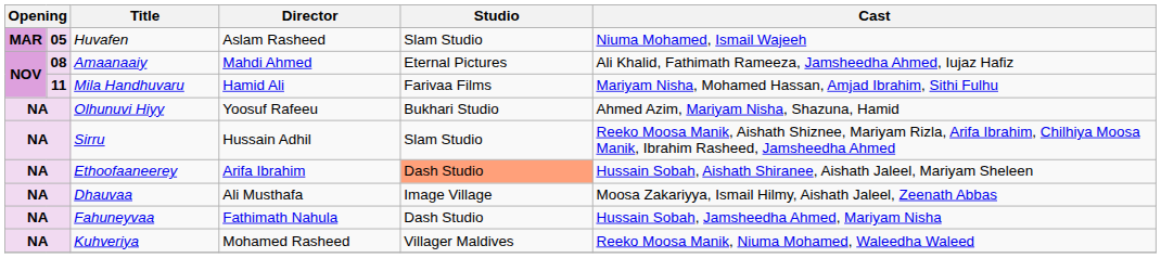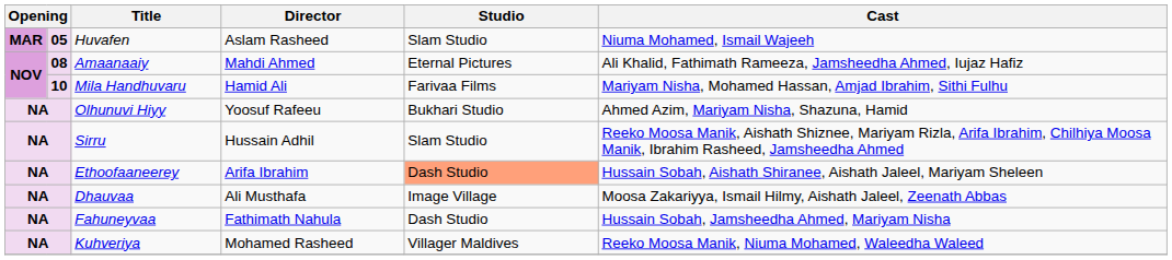 <table class="wikitable plainrowheaders" width="100%">
 <tr>
 <th scope="col" colspan="2" width=4%>Opening</th>
 <th scope="col" width=13%>Title</th>
 <th scope="col" width=16%>Director</th>
 <th scope="col" width=17%>Studio</th>
 <th scope="col" width=50%>Cast</th>
 </tr>
 <tr>
 <td style="text-align:center; background:plum; textcolor:#000;"><strong>MAR</strong></td>
 <td style="text-align:center; background:#f1daf1;"><strong>05</strong></td>
 <td><em>Huvafen</em></td>
 <td>Aslam Rasheed</td>
 <td>Slam Studio</td>
 <td><a href='#'>Niuma Mohamed</a>, <a href='#'>Ismail Wajeeh</a></td>
 </tr>
 <tr>
 <td style="text-align:center; background:plum; textcolor:#000;" rowspan="2"><strong>NOV</strong></td>
 <td style="text-align:center; background:#f1daf1;"><strong>08</strong></td>
 <td><em><a href='#'>Amaanaaiy</a></em></td>
 <td><a href='#'>Mahdi Ahmed</a></td>
 <td>Eternal Pictures</td>
 <td>Ali Khalid, Fathimath Rameeza, <a href='#'>Jamsheedha Ahmed</a>, Iujaz Hafiz</td>
 </tr>
 <tr>
-<td style="text-align:center; background:#f1daf1;"><strong>11</strong></td>
+<td style="text-align:center; background:#f1daf1;"><strong>10</strong></td>
 <td><em><a href='#'>Mila Handhuvaru</a></em></td>
 <td><a href='#'>Hamid Ali</a></td>
 <td>Farivaa Films</td>
 <td><a href='#'>Mariyam Nisha</a>, Mohamed Hassan, <a href='#'>Amjad Ibrahim</a>, <a href='#'>Sithi Fulhu</a></td>
 </tr>
 <tr>
 <td style="text-align:center; background:#f1daf1;" colspan="2"><strong>NA</strong></td>
 <td><em><a href='#'>Olhunuvi Hiyy</a></em></td>
 <td>Yoosuf Rafeeu</td>
 <td>Bukhari Studio</td>
 <td>Ahmed Azim, <a href='#'>Mariyam Nisha</a>, Shazuna, Hamid</td>
 </tr>
 <tr>
 <td style="text-align:center; background:#f1daf1;" colspan="2"><strong>NA</strong></td>
 <td><em><a href='#'>Sirru</a></em></td>
 <td>Hussain Adhil</td>
 <td>Slam Studio</td>
 <td><a href='#'>Reeko Moosa Manik</a>, Aishath Shiznee, Mariyam Rizla, <a href='#'>Arifa Ibrahim</a>, <a href='#'>Chilhiya Moosa Manik</a>, Ibrahim Rasheed, <a href='#'>Jamsheedha Ahmed</a></td>
 </tr>
 <tr>
 <td style="text-align:center; background:#f1daf1;" colspan="2"><strong>NA</strong></td>
 <td><em><a href='#'>Ethoofaaneerey</a></em></td>
 <td><a href='#'>Arifa Ibrahim</a></td>
 <td style="background: lightsalmon;">Dash Studio</td>
 <td><a href='#'>Hussain Sobah</a>, <a href='#'>Aishath Shiranee</a>, Aishath Jaleel, Mariyam Sheleen</td>
 </tr>
 <tr>
 <td style="text-align:center; background:#f1daf1;" colspan="2"><strong>NA</strong></td>
 <td><em><a href='#'>Dhauvaa</a></em></td>
 <td>Ali Musthafa</td>
 <td>Image Village</td>
 <td>Moosa Zakariyya, Ismail Hilmy, Aishath Jaleel, <a href='#'>Zeenath Abbas</a></td>
 </tr>
 <tr>
 <td style="text-align:center; background:#f1daf1;" colspan="2"><strong>NA</strong></td>
 <td><em><a href='#'>Fahuneyvaa</a></em></td>
 <td><a href='#'>Fathimath Nahula</a></td>
 <td>Dash Studio</td>
 <td><a href='#'>Hussain Sobah</a>, <a href='#'>Jamsheedha Ahmed</a>, <a href='#'>Mariyam Nisha</a></td>
 </tr>
 <tr>
 <td style="text-align:center; background:#f1daf1;" colspan="2"><strong>NA</strong></td>
 <td><em><a href='#'>Kuhveriya</a></em></td>
 <td>Mohamed Rasheed</td>
 <td>Villager Maldives</td>
 <td><a href='#'>Reeko Moosa Manik</a>, <a href='#'>Niuma Mohamed</a>, <a href='#'>Waleedha Waleed</a></td>
 </tr>
 <tr>
 </tr>
 </table>
